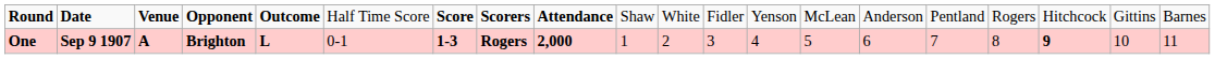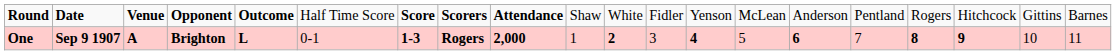 <table class="wikitable">
 <tr>
 <td><strong>Round</strong></td>
 <td><strong>Date</strong></td>
 <td><strong>Venue</strong></td>
 <td><strong>Opponent</strong></td>
 <td><strong>Outcome</strong></td>
 <td>Half Time Score</td>
 <td><strong>Score</strong></td>
 <td><strong>Scorers</strong></td>
 <td><strong>Attendance</strong></td>
 <td>Shaw</td>
 <td>White</td>
 <td>Fidler</td>
 <td>Yenson</td>
 <td>McLean</td>
 <td>Anderson</td>
 <td>Pentland</td>
 <td>Rogers</td>
 <td>Hitchcock</td>
 <td>Gittins</td>
 <td>Barnes</td>
 </tr>
 <tr bgcolor="#FFCCCC">
 <td><strong>One</strong></td>
 <td><strong>Sep 9 1907</strong></td>
 <td><strong>A</strong></td>
 <td><strong>Brighton</strong></td>
 <td><strong>L</strong></td>
 <td>0-1</td>
 <td><strong>1-3</strong></td>
 <td><strong>Rogers</strong></td>
 <td><strong>2,000</strong></td>
 <td>1</td>
-<td>2</td>
+<td><strong>2</strong></td>
 <td>3</td>
-<td>4</td>
+<td><strong>4</strong></td>
 <td>5</td>
-<td>6</td>
+<td><strong>6</strong></td>
 <td>7</td>
-<td>8</td>
+<td><strong>8</strong></td>
 <td><strong>9</strong></td>
 <td>10</td>
 <td>11</td>
 </tr>
 </table>
